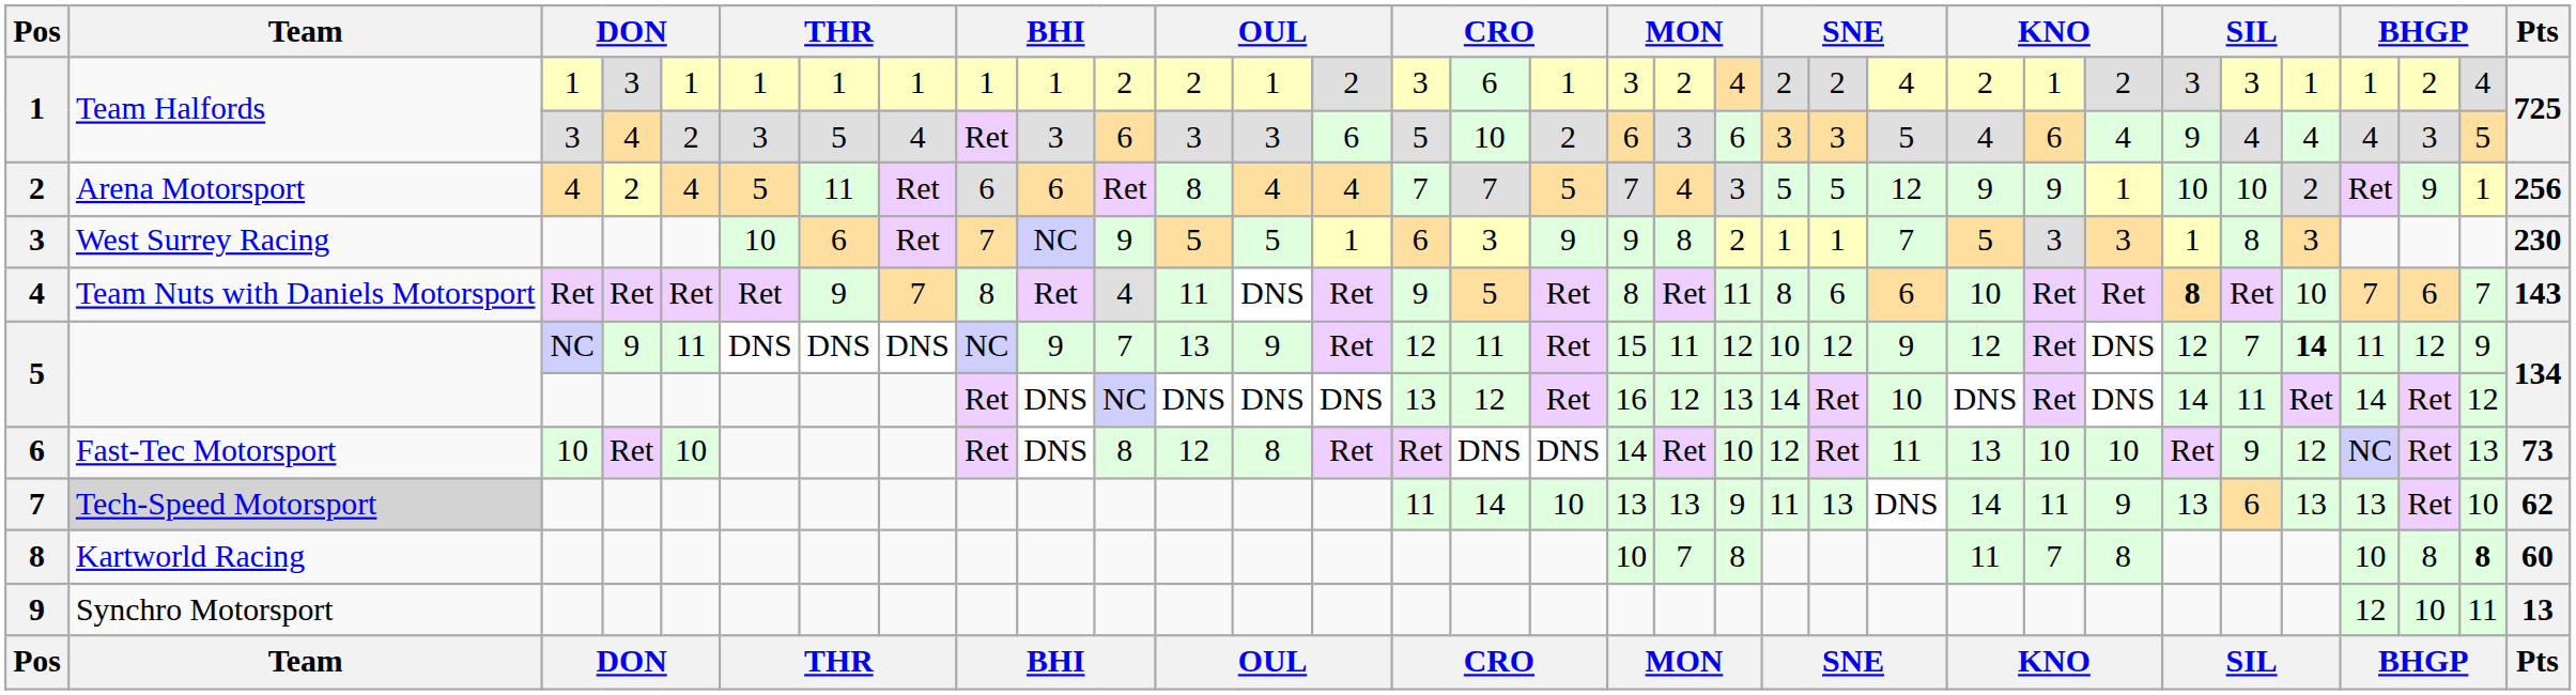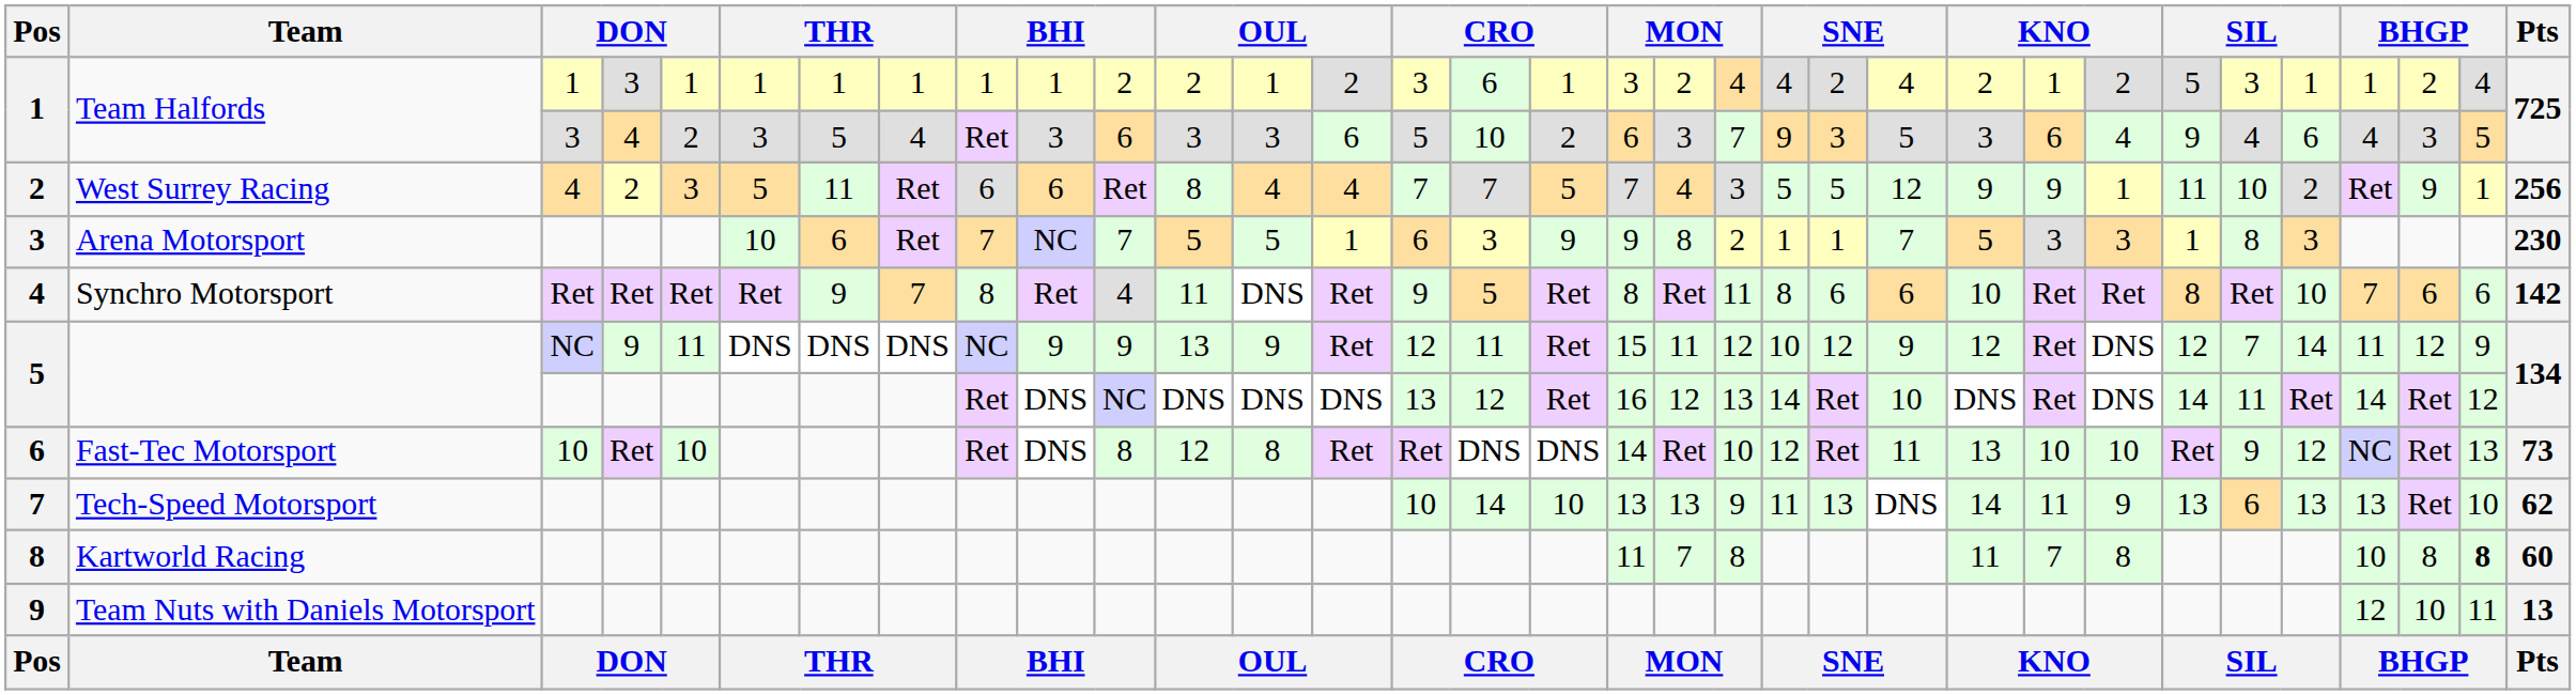 <table class="wikitable" style="font-size: 85%; text-align: center;">
 <tr valign="top">
 <th valign="middle">Pos</th>
 <th valign="middle">Team</th>
 <th colspan="3"><a href='#'>DON</a></th>
 <th colspan="3"><a href='#'>THR</a></th>
 <th colspan="3"><a href='#'>BHI</a></th>
 <th colspan="3"><a href='#'>OUL</a></th>
 <th colspan="3"><a href='#'>CRO</a></th>
 <th colspan="3"><a href='#'>MON</a></th>
 <th colspan="3"><a href='#'>SNE</a></th>
 <th colspan="3"><a href='#'>KNO</a></th>
 <th colspan="3"><a href='#'>SIL</a></th>
 <th colspan="3"><a href='#'>BHGP</a></th>
 <th valign=middle>Pts</th>
 </tr>
 <tr>
 <th rowspan=2>1</th>
 <td rowspan=2 align=left><a href='#'>Team Halfords</a></td>
 <td style="background:#FFFFBF;">1</td>
 <td style="background:#DFDFDF;">3</td>
 <td style="background:#FFFFBF;">1</td>
 <td style="background:#FFFFBF;">1</td>
 <td style="background:#FFFFBF;">1</td>
 <td style="background:#FFFFBF;">1</td>
 <td style="background:#FFFFBF;">1</td>
 <td style="background:#FFFFBF;">1</td>
 <td style="background:#FFFFBF;">2</td>
 <td style="background:#FFFFBF;">2</td>
 <td style="background:#FFFFBF;">1</td>
 <td style="background:#DFDFDF;">2</td>
 <td style="background:#FFFFBF;">3</td>
 <td style="background:#DFFFDF;">6</td>
 <td style="background:#FFFFBF;">1</td>
 <td style="background:#FFFFBF;">3</td>
 <td style="background:#FFFFBF;">2</td>
 <td style="background:#FFDF9F;">4</td>
-<td style="background:#DFDFDF;">2</td>
+<td style="background:#DFDFDF;">4</td>
 <td style="background:#DFDFDF;">2</td>
 <td style="background:#FFFFBF;">4</td>
 <td style="background:#FFFFBF;">2</td>
 <td style="background:#FFFFBF;">1</td>
 <td style="background:#DFDFDF;">2</td>
-<td style="background:#DFDFDF;">3</td>
+<td style="background:#DFDFDF;">5</td>
 <td style="background:#FFFFBF;">3</td>
 <td style="background:#FFFFBF;">1</td>
 <td style="background:#FFFFBF;">1</td>
 <td style="background:#FFFFBF;">2</td>
 <td style="background:#DFDFDF;">4</td>
 <th rowspan=2>725</th>
 </tr>
 <tr>
 <td style="background:#DFDFDF;">3</td>
 <td style="background:#FFDF9F;">4</td>
 <td style="background:#DFDFDF;">2</td>
 <td style="background:#DFDFDF;">3</td>
 <td style="background:#DFDFDF;">5</td>
 <td style="background:#DFDFDF;">4</td>
 <td style="background:#EFCFFF;">Ret</td>
 <td style="background:#DFDFDF;">3</td>
 <td style="background:#FFDF9F;">6</td>
 <td style="background:#DFDFDF;">3</td>
 <td style="background:#DFDFDF;">3</td>
 <td style="background:#DFFFDF;">6</td>
 <td style="background:#DFDFDF;">5</td>
 <td style="background:#DFFFDF;">10</td>
 <td style="background:#DFDFDF;">2</td>
 <td style="background:#FFDF9F;">6</td>
 <td style="background:#DFDFDF;">3</td>
-<td style="background:#DFFFDF;">6</td>
-<td style="background:#FFDF9F;">3</td>
+<td style="background:#DFFFDF;">7</td>
+<td style="background:#FFDF9F;">9</td>
 <td style="background:#FFDF9F;">3</td>
 <td style="background:#DFDFDF;">5</td>
-<td style="background:#DFDFDF;">4</td>
+<td style="background:#DFDFDF;">3</td>
 <td style="background:#FFDF9F;">6</td>
 <td style="background:#DFFFDF;">4</td>
 <td style="background:#DFFFDF;">9</td>
 <td style="background:#DFDFDF;">4</td>
-<td style="background:#DFFFDF;">4</td>
+<td style="background:#DFFFDF;">6</td>
 <td style="background:#DFDFDF;">4</td>
 <td style="background:#DFDFDF;">3</td>
 <td style="background:#FFDF9F;">5</td>
 </tr>
 <tr>
 <th>2</th>
-<td align=left><a href='#'>Arena Motorsport</a></td>
+<td align=left><a href='#'>West Surrey Racing</a></td>
 <td style="background:#FFDF9F;">4</td>
 <td style="background:#FFFFBF;">2</td>
-<td style="background:#FFDF9F;">4</td>
+<td style="background:#FFDF9F;">3</td>
 <td style="background:#FFDF9F;">5</td>
 <td style="background:#DFFFDF;">11</td>
 <td style="background:#EFCFFF;">Ret</td>
 <td style="background:#DFDFDF;">6</td>
 <td style="background:#FFDF9F;">6</td>
 <td style="background:#EFCFFF;">Ret</td>
 <td style="background:#DFFFDF;">8</td>
 <td style="background:#FFDF9F;">4</td>
 <td style="background:#FFDF9F;">4</td>
 <td style="background:#DFFFDF;">7</td>
 <td style="background:#DFDFDF;">7</td>
 <td style="background:#FFDF9F;">5</td>
 <td style="background:#DFDFDF;">7</td>
 <td style="background:#FFDF9F;">4</td>
 <td style="background:#DFDFDF;">3</td>
 <td style="background:#DFFFDF;">5</td>
 <td style="background:#DFFFDF;">5</td>
 <td style="background:#DFFFDF;">12</td>
 <td style="background:#DFFFDF;">9</td>
 <td style="background:#DFFFDF;">9</td>
 <td style="background:#FFFFBF;">1</td>
-<td style="background:#DFFFDF;">10</td>
+<td style="background:#DFFFDF;">11</td>
 <td style="background:#DFFFDF;">10</td>
 <td style="background:#DFDFDF;">2</td>
 <td style="background:#EFCFFF;">Ret</td>
 <td style="background:#DFFFDF;">9</td>
 <td style="background:#FFFFBF;">1</td>
 <th>256</th>
 </tr>
 <tr>
 <th>3</th>
-<td align=left><a href='#'>West Surrey Racing</a></td>
+<td align=left><a href='#'>Arena Motorsport</a></td>
 <td></td>
 <td></td>
 <td></td>
 <td style="background:#DFFFDF;">10</td>
 <td style="background:#FFDF9F;">6</td>
 <td style="background:#EFCFFF;">Ret</td>
 <td style="background:#FFDF9F;">7</td>
 <td style="background:#CFCFFF;">NC</td>
-<td style="background:#DFFFDF;">9</td>
+<td style="background:#DFFFDF;">7</td>
 <td style="background:#FFDF9F;">5</td>
 <td style="background:#DFFFDF;">5</td>
 <td style="background:#FFFFBF;">1</td>
 <td style="background:#FFDF9F;">6</td>
 <td style="background:#FFFFBF;">3</td>
 <td style="background:#DFFFDF;">9</td>
 <td style="background:#DFFFDF;">9</td>
 <td style="background:#DFFFDF;">8</td>
 <td style="background:#FFFFBF;">2</td>
 <td style="background:#FFFFBF;">1</td>
 <td style="background:#FFFFBF;">1</td>
 <td style="background:#DFFFDF;">7</td>
 <td style="background:#FFDF9F;">5</td>
 <td style="background:#DFDFDF;">3</td>
 <td style="background:#FFDF9F;">3</td>
 <td style="background:#FFFFBF;">1</td>
 <td style="background:#DFFFDF;">8</td>
 <td style="background:#FFDF9F;">3</td>
 <td></td>
 <td></td>
 <td></td>
 <th>230</th>
 </tr>
 <tr>
 <th>4</th>
-<td align=left nowrap><a href='#'>Team Nuts with Daniels Motorsport</a></td>
+<td align=left>Synchro Motorsport</td>
 <td style="background:#EFCFFF;">Ret</td>
 <td style="background:#EFCFFF;">Ret</td>
 <td style="background:#EFCFFF;">Ret</td>
 <td style="background:#EFCFFF;">Ret</td>
 <td style="background:#DFFFDF;">9</td>
 <td style="background:#FFDF9F;">7</td>
 <td style="background:#DFFFDF;">8</td>
 <td style="background:#EFCFFF;">Ret</td>
 <td style="background:#DFDFDF;">4</td>
 <td style="background:#DFFFDF;">11</td>
 <td style="background:#ffffff;">DNS</td>
 <td style="background:#EFCFFF;">Ret</td>
 <td style="background:#DFFFDF;">9</td>
 <td style="background:#FFDF9F;">5</td>
 <td style="background:#EFCFFF;">Ret</td>
 <td style="background:#DFFFDF;">8</td>
 <td style="background:#EFCFFF;">Ret</td>
 <td style="background:#DFFFDF;">11</td>
 <td style="background:#DFFFDF;">8</td>
 <td style="background:#DFFFDF;">6</td>
 <td style="background:#FFDF9F;">6</td>
 <td style="background:#DFFFDF;">10</td>
 <td style="background:#EFCFFF;">Ret</td>
 <td style="background:#EFCFFF;">Ret</td>
-<td style="background:#FFDF9F;"><strong>8</strong></td>
+<td style="background:#FFDF9F;">8</td>
 <td style="background:#EFCFFF;">Ret</td>
 <td style="background:#DFFFDF;">10</td>
 <td style="background:#FFDF9F;">7</td>
 <td style="background:#FFDF9F;">6</td>
-<td style="background:#DFFFDF;">7</td>
-<th>143</th>
+<td style="background:#DFFFDF;">6</td>
+<th>142</th>
 </tr>
 <tr>
 <th rowspan=2>5</th>
 <td rowspan=2 align=left></td>
 <td style="background:#CFCFFF;">NC</td>
 <td style="background:#DFFFDF;">9</td>
 <td style="background:#DFFFDF;">11</td>
 <td style="background:#ffffff;">DNS</td>
 <td style="background:#ffffff;">DNS</td>
 <td style="background:#ffffff;">DNS</td>
 <td style="background:#CFCFFF;">NC</td>
 <td style="background:#DFFFDF;">9</td>
-<td style="background:#DFFFDF;">7</td>
+<td style="background:#DFFFDF;">9</td>
 <td style="background:#DFFFDF;">13</td>
 <td style="background:#DFFFDF;">9</td>
 <td style="background:#EFCFFF;">Ret</td>
 <td style="background:#DFFFDF;">12</td>
 <td style="background:#DFFFDF;">11</td>
 <td style="background:#EFCFFF;">Ret</td>
 <td style="background:#DFFFDF;">15</td>
 <td style="background:#DFFFDF;">11</td>
 <td style="background:#DFFFDF;">12</td>
 <td style="background:#DFFFDF;">10</td>
 <td style="background:#DFFFDF;">12</td>
 <td style="background:#DFFFDF;">9</td>
 <td style="background:#DFFFDF;">12</td>
 <td style="background:#EFCFFF;">Ret</td>
 <td style="background:#ffffff;">DNS</td>
 <td style="background:#DFFFDF;">12</td>
 <td style="background:#DFFFDF;">7</td>
-<td style="background:#DFFFDF;"><strong>14</strong></td>
+<td style="background:#DFFFDF;">14</td>
 <td style="background:#DFFFDF;">11</td>
 <td style="background:#DFFFDF;">12</td>
 <td style="background:#DFFFDF;">9</td>
 <th rowspan=2>134</th>
 </tr>
 <tr>
 <td></td>
 <td></td>
 <td></td>
 <td></td>
 <td></td>
 <td></td>
 <td style="background:#EFCFFF;">Ret</td>
 <td style="background:#ffffff;">DNS</td>
 <td style="background:#CFCFFF;">NC</td>
 <td style="background:#ffffff;">DNS</td>
 <td style="background:#ffffff;">DNS</td>
 <td style="background:#ffffff;">DNS</td>
 <td style="background:#DFFFDF;">13</td>
 <td style="background:#DFFFDF;">12</td>
 <td style="background:#EFCFFF;">Ret</td>
 <td style="background:#DFFFDF;">16</td>
 <td style="background:#DFFFDF;">12</td>
 <td style="background:#DFFFDF;">13</td>
 <td style="background:#DFFFDF;">14</td>
 <td style="background:#EFCFFF;">Ret</td>
 <td style="background:#DFFFDF;">10</td>
 <td style="background:#ffffff;">DNS</td>
 <td style="background:#EFCFFF;">Ret</td>
 <td style="background:#ffffff;">DNS</td>
 <td style="background:#DFFFDF;">14</td>
 <td style="background:#DFFFDF;">11</td>
 <td style="background:#EFCFFF;">Ret</td>
 <td style="background:#DFFFDF;">14</td>
 <td style="background:#EFCFFF;">Ret</td>
 <td style="background:#DFFFDF;">12</td>
 </tr>
 <tr>
 <th>6</th>
 <td align=left><a href='#'>Fast-Tec Motorsport</a></td>
 <td style="background:#DFFFDF;">10</td>
 <td style="background:#EFCFFF;">Ret</td>
 <td style="background:#DFFFDF;">10</td>
 <td></td>
 <td></td>
 <td></td>
 <td style="background:#EFCFFF;">Ret</td>
 <td style="background:#ffffff;">DNS</td>
 <td style="background:#DFFFDF;">8</td>
 <td style="background:#DFFFDF;">12</td>
 <td style="background:#DFFFDF;">8</td>
 <td style="background:#EFCFFF;">Ret</td>
 <td style="background:#EFCFFF;">Ret</td>
 <td style="background:#ffffff;">DNS</td>
 <td style="background:#ffffff;">DNS</td>
 <td style="background:#DFFFDF;">14</td>
 <td style="background:#EFCFFF;">Ret</td>
 <td style="background:#DFFFDF;">10</td>
 <td style="background:#DFFFDF;">12</td>
 <td style="background:#EFCFFF;">Ret</td>
 <td style="background:#DFFFDF;">11</td>
 <td style="background:#DFFFDF;">13</td>
 <td style="background:#DFFFDF;">10</td>
 <td style="background:#DFFFDF;">10</td>
 <td style="background:#EFCFFF;">Ret</td>
 <td style="background:#DFFFDF;">9</td>
 <td style="background:#DFFFDF;">12</td>
 <td style="background:#CFCFFF;">NC</td>
 <td style="background:#EFCFFF;">Ret</td>
 <td style="background:#DFFFDF;">13</td>
 <th>73</th>
 </tr>
 <tr>
 <th>7</th>
-<td align=left style="background: lightgrey;"><a href='#'>Tech-Speed Motorsport</a></td>
+<td align=left><a href='#'>Tech-Speed Motorsport</a></td>
 <td></td>
 <td></td>
 <td></td>
 <td></td>
 <td></td>
 <td></td>
 <td></td>
 <td></td>
 <td></td>
 <td></td>
 <td></td>
 <td></td>
-<td style="background:#DFFFDF;">11</td>
+<td style="background:#DFFFDF;">10</td>
 <td style="background:#DFFFDF;">14</td>
 <td style="background:#DFFFDF;">10</td>
 <td style="background:#DFFFDF;">13</td>
 <td style="background:#DFFFDF;">13</td>
 <td style="background:#DFFFDF;">9</td>
 <td style="background:#DFFFDF;">11</td>
 <td style="background:#DFFFDF;">13</td>
 <td style="background:#ffffff;">DNS</td>
 <td style="background:#DFFFDF;">14</td>
 <td style="background:#DFFFDF;">11</td>
 <td style="background:#DFFFDF;">9</td>
 <td style="background:#DFFFDF;">13</td>
 <td style="background:#FFDF9F;">6</td>
 <td style="background:#DFFFDF;">13</td>
 <td style="background:#DFFFDF;">13</td>
 <td style="background:#EFCFFF;">Ret</td>
 <td style="background:#DFFFDF;">10</td>
 <th>62</th>
 </tr>
 <tr>
 <th>8</th>
 <td align=left><a href='#'>Kartworld Racing</a></td>
 <td></td>
 <td></td>
 <td></td>
 <td></td>
 <td></td>
 <td></td>
 <td></td>
 <td></td>
 <td></td>
 <td></td>
 <td></td>
 <td></td>
 <td></td>
 <td></td>
 <td></td>
-<td style="background:#DFFFDF;">10</td>
+<td style="background:#DFFFDF;">11</td>
 <td style="background:#DFFFDF;">7</td>
 <td style="background:#DFFFDF;">8</td>
 <td></td>
 <td></td>
 <td></td>
 <td style="background:#DFFFDF;">11</td>
 <td style="background:#DFFFDF;">7</td>
 <td style="background:#DFFFDF;">8</td>
 <td></td>
 <td></td>
 <td></td>
 <td style="background:#DFFFDF;">10</td>
 <td style="background:#DFFFDF;">8</td>
 <td style="background:#DFFFDF;"><strong>8</strong></td>
 <th>60</th>
 </tr>
 <tr>
 <th>9</th>
-<td align=left>Synchro Motorsport</td>
+<td align=left nowrap><a href='#'>Team Nuts with Daniels Motorsport</a></td>
 <td></td>
 <td></td>
 <td></td>
 <td></td>
 <td></td>
 <td></td>
 <td></td>
 <td></td>
 <td></td>
 <td></td>
 <td></td>
 <td></td>
 <td></td>
 <td></td>
 <td></td>
 <td></td>
 <td></td>
 <td></td>
 <td></td>
 <td></td>
 <td></td>
 <td></td>
 <td></td>
 <td></td>
 <td></td>
 <td></td>
 <td></td>
 <td style="background:#DFFFDF;">12</td>
 <td style="background:#DFFFDF;">10</td>
 <td style="background:#DFFFDF;">11</td>
 <th>13</th>
 </tr>
 <tr>
 <th valign="middle">Pos</th>
 <th valign="middle">Team</th>
 <th colspan="3"><a href='#'>DON</a></th>
 <th colspan="3"><a href='#'>THR</a></th>
 <th colspan="3"><a href='#'>BHI</a></th>
 <th colspan="3"><a href='#'>OUL</a></th>
 <th colspan="3"><a href='#'>CRO</a></th>
 <th colspan="3"><a href='#'>MON</a></th>
 <th colspan="3"><a href='#'>SNE</a></th>
 <th colspan="3"><a href='#'>KNO</a></th>
 <th colspan="3"><a href='#'>SIL</a></th>
 <th colspan="3"><a href='#'>BHGP</a></th>
 <th valign=middle>Pts</th>
 </tr>
 </table>
